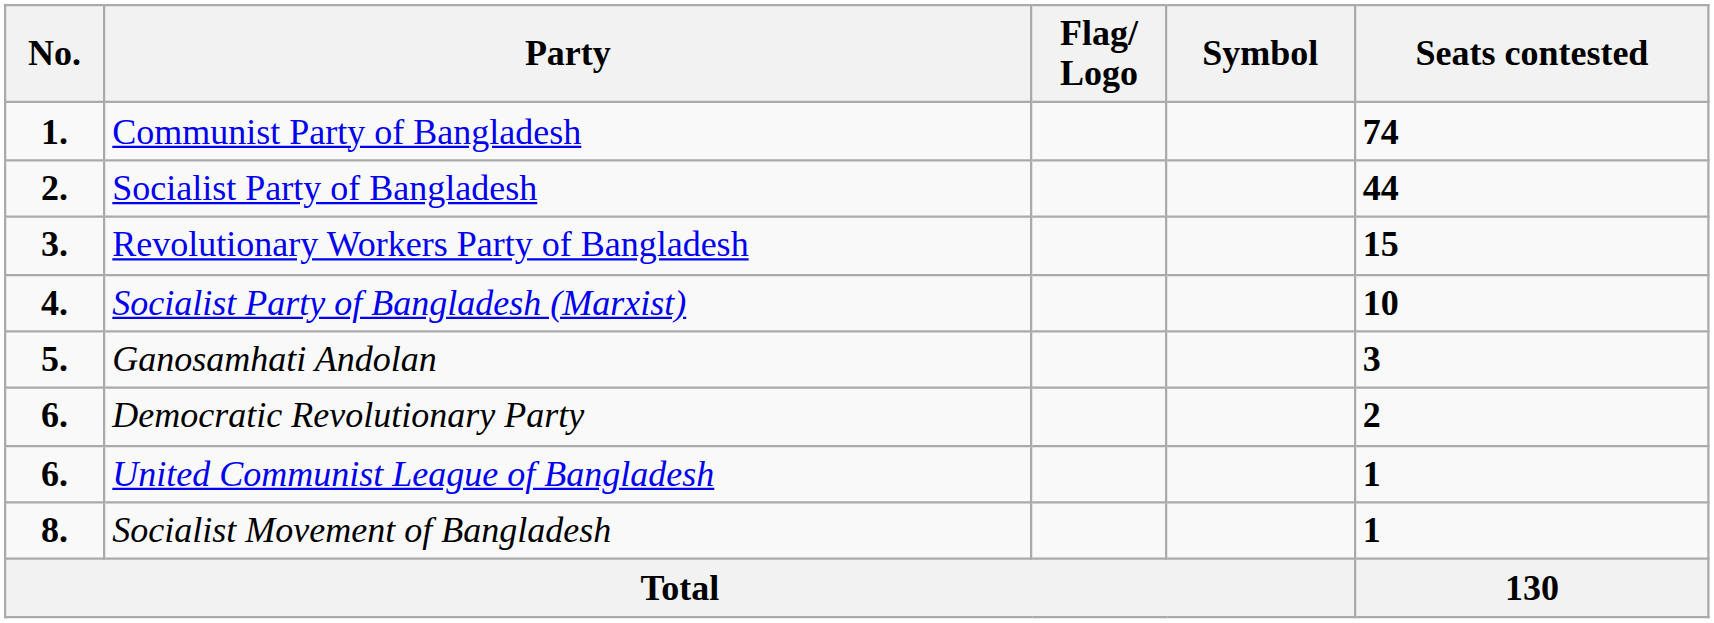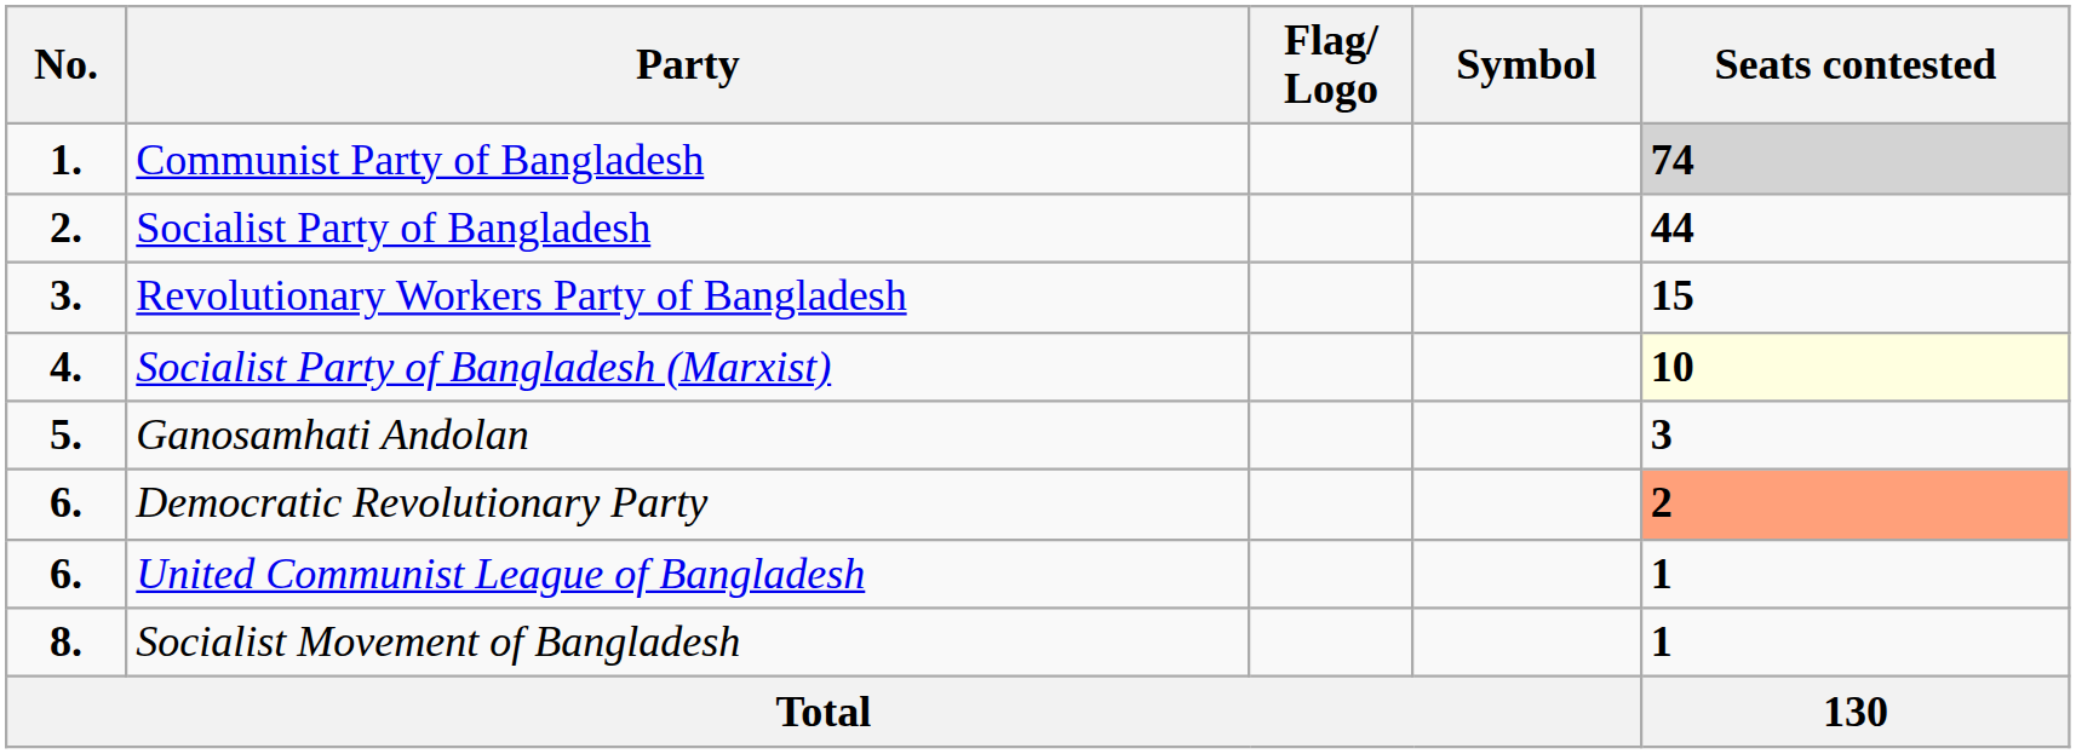 <table class="wikitable"  width="60%">
 <tr>
 <th>No.</th>
 <th>Party</th>
 <th>Flag/<br>Logo</th>
 <th>Symbol</th>
 <th>Seats contested</th>
 </tr>
 <tr>
 <td style="text-align:center; background:"><strong>1.</strong></td>
 <td><a href='#'>Communist Party of Bangladesh</a></td>
 <td></td>
 <td></td>
-<td><strong>74</strong></td>
+<td style="background: lightgrey;"><strong>74</strong></td>
 </tr>
 <tr>
 <td style="text-align:Center; background:"><strong>2.</strong></td>
 <td><a href='#'>Socialist Party of Bangladesh</a></td>
 <td></td>
 <td></td>
 <td><strong>44</strong></td>
 </tr>
 <tr>
 <td style="text-align:Center; background:"><strong>3.</strong></td>
 <td><a href='#'>Revolutionary Workers Party of Bangladesh</a></td>
 <td></td>
 <td></td>
 <td><strong>15</strong></td>
 </tr>
 <tr>
 <td style="text-align:Center; background:"><strong>4.</strong></td>
 <td><em><a href='#'>Socialist Party of Bangladesh (Marxist)</a></em></td>
 <td></td>
 <td></td>
-<td><strong>10</strong></td>
+<td style="background: lightyellow;"><strong>10</strong></td>
 </tr>
 <tr>
 <td style="text-align:Center; background:"><strong>5.</strong></td>
 <td><em>Ganosamhati Andolan</em></td>
 <td></td>
 <td></td>
 <td><strong>3</strong></td>
 </tr>
 <tr>
 <td style="text-align:Center; background:"><strong>6.</strong></td>
 <td><em>Democratic Revolutionary Party</em></td>
 <td></td>
 <td></td>
-<td><strong>2</strong></td>
+<td style="background: lightsalmon;"><strong>2</strong></td>
 </tr>
 <tr>
 <td style="text-align:Center; background:"><strong>6.</strong></td>
 <td><em><a href='#'>United Communist League of Bangladesh</a></em></td>
 <td></td>
 <td></td>
 <td><strong>1</strong></td>
 </tr>
 <tr>
 <td style="text-align:Center; background:"><strong>8.</strong></td>
 <td><em>Socialist Movement of Bangladesh</em></td>
 <td></td>
 <td></td>
 <td><strong>1</strong></td>
 </tr>
 <tr>
 <th colspan="4">Total</th>
 <th>130</th>
 </tr>
 </table>
